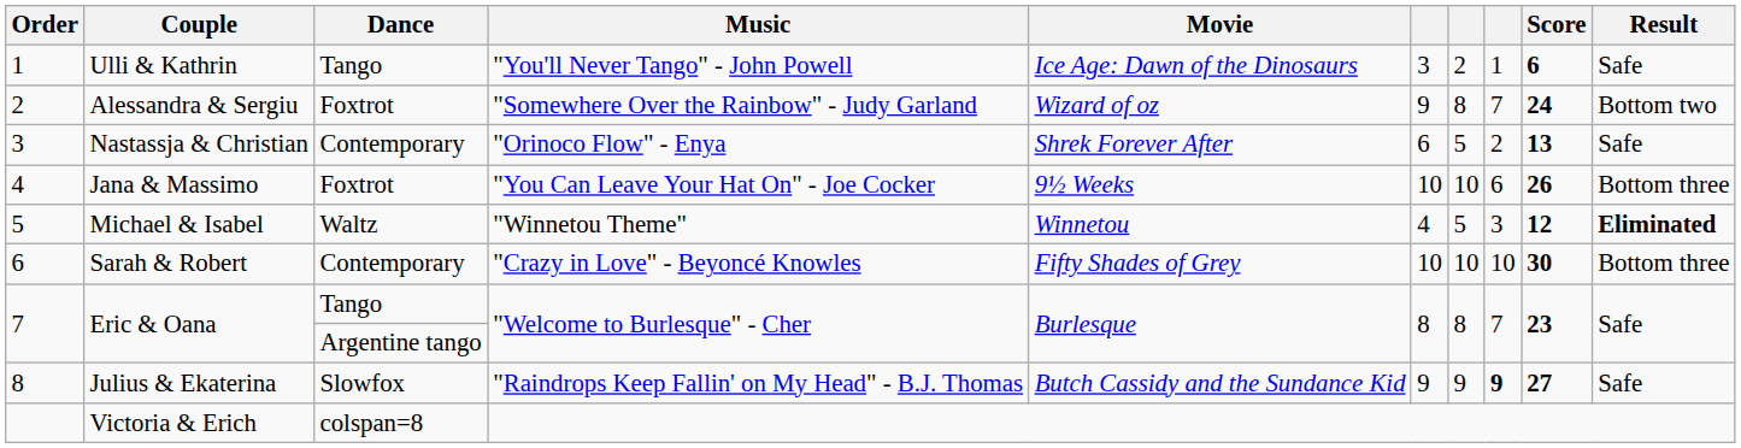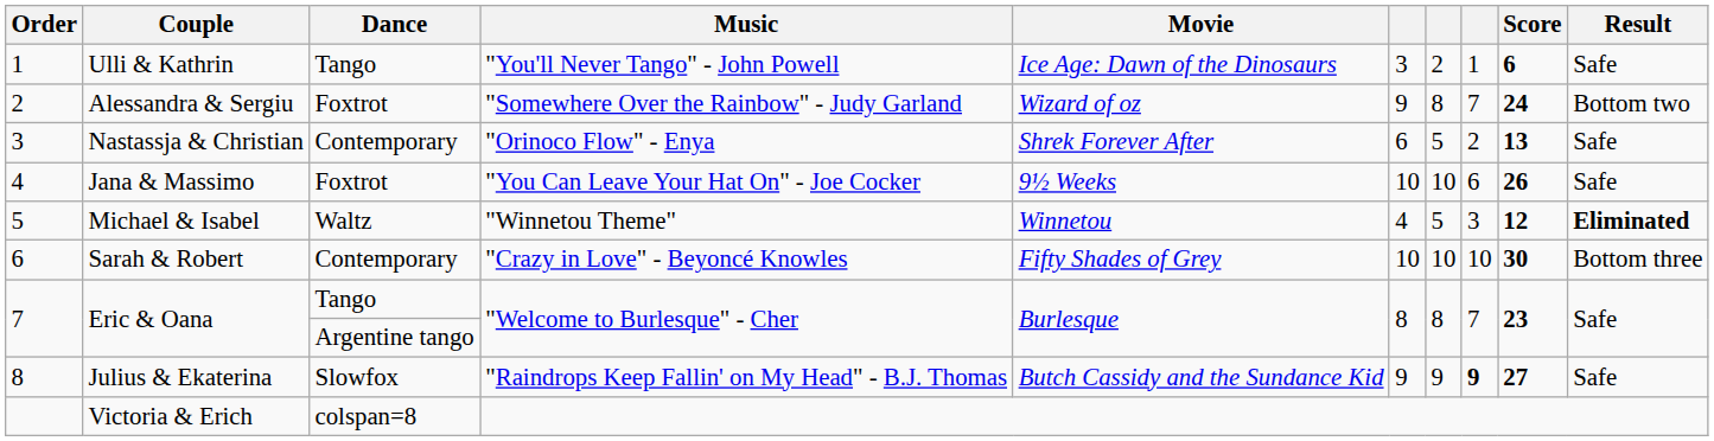 <table class="wikitable unsortable center">
 <tr>
 <th>Order</th>
 <th>Couple</th>
 <th>Dance</th>
 <th>Music</th>
 <th>Movie</th>
 <th><small></small></th>
 <th><small></small></th>
 <th><small></small></th>
 <th>Score</th>
 <th>Result</th>
 </tr>
 <tr>
 <td>1</td>
 <td>Ulli & Kathrin</td>
 <td>Tango</td>
 <td>"<a href='#'>You'll Never Tango</a>" - <a href='#'>John Powell</a></td>
 <td><em><a href='#'>Ice Age: Dawn of the Dinosaurs</a></em></td>
 <td>3</td>
 <td>2</td>
 <td>1</td>
 <td><strong>6</strong></td>
 <td>Safe</td>
 </tr>
 <tr>
 <td>2</td>
 <td>Alessandra & Sergiu</td>
 <td>Foxtrot</td>
 <td>"<a href='#'>Somewhere Over the Rainbow</a>" - <a href='#'>Judy Garland</a></td>
 <td><em><a href='#'>Wizard of oz</a></em></td>
 <td>9</td>
 <td>8</td>
 <td>7</td>
 <td><strong>24</strong></td>
 <td>Bottom two</td>
 </tr>
 <tr>
 <td>3</td>
 <td>Nastassja & Christian</td>
 <td>Contemporary</td>
 <td>"<a href='#'>Orinoco Flow</a>" - <a href='#'>Enya</a></td>
 <td><em><a href='#'>Shrek Forever After</a></em></td>
 <td>6</td>
 <td>5</td>
 <td>2</td>
 <td><strong>13</strong></td>
 <td>Safe</td>
 </tr>
 <tr>
 <td>4</td>
 <td>Jana & Massimo</td>
 <td>Foxtrot</td>
 <td>"<a href='#'>You Can Leave Your Hat On</a>" - <a href='#'>Joe Cocker</a></td>
 <td><em><a href='#'>9½ Weeks</a></em></td>
 <td>10</td>
 <td>10</td>
 <td>6</td>
 <td><strong>26</strong></td>
-<td>Bottom three</td>
+<td>Safe</td>
 </tr>
 <tr>
 <td>5</td>
 <td>Michael & Isabel</td>
 <td>Waltz</td>
 <td>"Winnetou Theme"</td>
 <td><em><a href='#'>Winnetou</a></em></td>
 <td>4</td>
 <td>5</td>
 <td>3</td>
 <td><strong>12</strong></td>
 <td><strong>Eliminated</strong></td>
 </tr>
 <tr>
 <td>6</td>
 <td>Sarah & Robert</td>
 <td>Contemporary</td>
 <td>"<a href='#'>Crazy in Love</a>" - <a href='#'>Beyoncé Knowles</a></td>
 <td><em><a href='#'>Fifty Shades of Grey</a></em></td>
 <td>10</td>
 <td>10</td>
 <td>10</td>
 <td><strong>30</strong></td>
 <td>Bottom three</td>
 </tr>
 <tr>
 <td rowspan=2>7</td>
 <td rowspan=2>Eric & Oana</td>
 <td>Tango</td>
 <td rowspan=2>"<a href='#'>Welcome to Burlesque</a>" - <a href='#'>Cher</a></td>
 <td rowspan=2><em><a href='#'>Burlesque</a></em></td>
 <td rowspan=2>8</td>
 <td rowspan=2>8</td>
 <td rowspan=2>7</td>
 <td rowspan=2><strong>23</strong></td>
 <td rowspan=2>Safe</td>
 </tr>
 <tr>
 <td>Argentine tango</td>
 </tr>
 <tr>
 <td>8</td>
 <td>Julius & Ekaterina</td>
 <td>Slowfox</td>
 <td>"<a href='#'>Raindrops Keep Fallin' on My Head</a>" - <a href='#'>B.J. Thomas</a></td>
 <td><em><a href='#'>Butch Cassidy and the Sundance Kid</a></em></td>
 <td>9</td>
 <td>9</td>
 <td><strong>9</strong></td>
 <td><strong>27</strong></td>
 <td>Safe</td>
 </tr>
 <tr>
 <td></td>
 <td>Victoria & Erich</td>
 <td>colspan=8 </td>
 </tr>
 </table>
